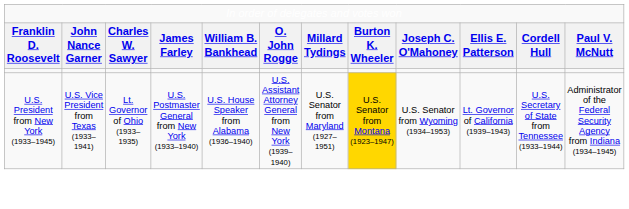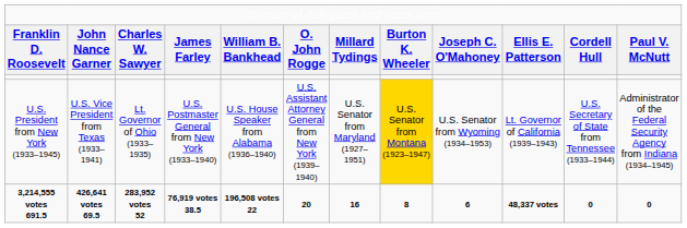 <table class="wikitable mw-collapsible mw-collapsed" style="font-size:90%;">
 <tr>
 <td colspan="12" style="text-align:center; width:700px; font-size:120%; color:white; background:"><em>In order of delegates and votes won</em></td>
 </tr>
 <tr style="text-align:center">
 <th scope="col" style="width:10em; font-size:120%;"><a href='#'>Franklin D. Roosevelt</a></th>
 <th scope="col" style="width:10em; font-size:120%;"><a href='#'>John Nance Garner</a></th>
 <th scope="col" style="width:10em; font-size:120%;"><a href='#'>Charles W. Sawyer</a></th>
 <th scope="col" style="width:10em; font-size:120%;"><a href='#'>James Farley</a></th>
 <th scope="col" style="width:10em; font-size:120%;"><a href='#'>William B. Bankhead</a></th>
 <th scope="col" style="width:10em; font-size:120%;"><a href='#'>O. John Rogge</a></th>
 <th scope="col" style="width:10em; font-size:120%;"><a href='#'>Millard Tydings</a></th>
 <th scope="col" style="width:10em; font-size:120%;"><a href='#'>Burton K. Wheeler</a></th>
 <th scope="col" style="width:10em; font-size:120%;"><a href='#'>Joseph C. O'Mahoney</a></th>
 <th scope="col" style="width:10em; font-size:120%;"><a href='#'>Ellis E. Patterson</a></th>
 <th scope="col" style="width:10em; font-size:120%;"><a href='#'>Cordell Hull</a></th>
 <th scope="col" style="width:10em; font-size:120%;"><a href='#'>Paul V. McNutt</a></th>
 </tr>
 <tr style="text-align:center">
 <td></td>
 <td></td>
 <td></td>
 <td></td>
 <td></td>
 <td></td>
 <td></td>
 <td></td>
 <td></td>
 <td></td>
 <td></td>
 <td></td>
 </tr>
 <tr style="text-align:center">
 <td><a href='#'>U.S. President</a><br> from <a href='#'>New York</a><br> <small>(1933–1945)</small></td>
 <td><a href='#'>U.S. Vice President</a><br> from <a href='#'>Texas</a><br> <small>(1933–1941)</small></td>
 <td><a href='#'>Lt. Governor</a><br> of <a href='#'>Ohio</a><br> <small>(1933–1935)</small></td>
 <td><a href='#'>U.S. Postmaster General</a><br>from <a href='#'>New York</a><br><small>(1933–1940)</small></td>
 <td><a href='#'>U.S. House Speaker</a><br>from <a href='#'>Alabama</a><br><small>(1936–1940)</small></td>
 <td><a href='#'>U.S. Assistant Attorney General</a><br>from <a href='#'>New York</a><br><small>(1939–1940)</small></td>
 <td>U.S. Senator<br>from <a href='#'>Maryland</a><br><small>(1927–1951)</small></td>
 <td style="background: gold;">U.S. Senator<br>from <a href='#'>Montana</a><br><small>(1923–1947)</small></td>
 <td>U.S. Senator<br>from <a href='#'>Wyoming</a><br><small>(1934–1953)</small></td>
 <td><a href='#'>Lt. Governor</a><br>of <a href='#'>California</a><br><small>(1939–1943)</small></td>
 <td><a href='#'>U.S. Secretary of State</a><br>from <a href='#'>Tennessee</a><br><small>(1933–1944)</small></td>
 <td>Administrator of the <a href='#'>Federal Security Agency</a><br>from <a href='#'>Indiana</a><br><small>(1934–1945)</small></td>
 </tr>
+<tr style="text-align:center">
+<td><small><strong>3,214,555 votes</strong><br><strong>691.5 </strong></small></td>
+<td><small><strong>426,641 votes</strong><br><strong>69.5 </strong></small></td>
+<td><small><strong>283,952  votes</strong><br><strong>52 </strong></small></td>
+<td><small><strong>76,919 votes</strong><br><strong>38.5 </strong></small></td>
+<td><small><strong>196,508 votes</strong><br><strong>22 </strong></small></td>
+<td><small><strong>20 </strong></small></td>
+<td><small><strong>16 </strong></small></td>
+<td><small><strong>8 </strong></small></td>
+<td><small><strong>6 </strong></small></td>
+<td><small><strong>48,337 votes</strong></small></td>
+<td><small><strong>0 </strong></small></td>
+<td><small><strong>0 </strong></small></td>
+</tr>
 </table>
